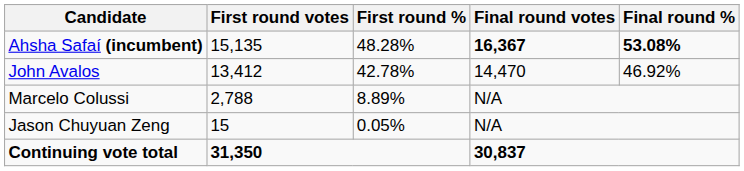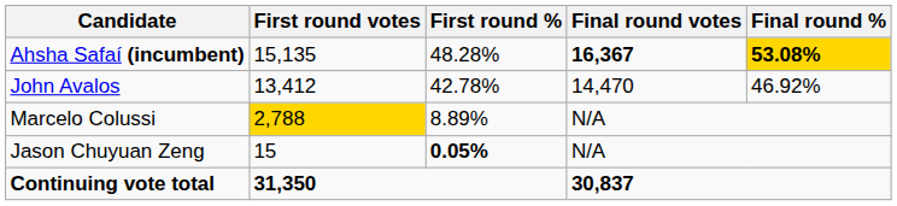 <table class="wikitable">
 <tr>
 <th>Candidate</th>
 <th>First round votes</th>
 <th>First round %</th>
 <th>Final round votes</th>
 <th>Final round %</th>
 </tr>
 <tr>
 <td><a href='#'>Ahsha Safaí</a> <strong>(incumbent)</strong></td>
 <td>15,135</td>
 <td>48.28%</td>
 <td><strong>16,367</strong></td>
-<td><strong>53.08%</strong></td>
+<td style="background: gold;"><strong>53.08%</strong></td>
 </tr>
 <tr>
 <td><a href='#'>John Avalos</a></td>
 <td>13,412</td>
 <td>42.78%</td>
 <td>14,470</td>
 <td>46.92%</td>
 </tr>
 <tr>
 <td>Marcelo Colussi</td>
-<td>2,788</td>
+<td style="background: gold;">2,788</td>
 <td>8.89%</td>
 <td colspan="2">N/A</td>
 </tr>
 <tr>
 <td>Jason Chuyuan Zeng</td>
 <td>15</td>
-<td>0.05%</td>
+<td><strong>0.05%</strong></td>
 <td colspan="2">N/A</td>
 </tr>
 <tr>
 <td><strong>Continuing vote total</strong></td>
 <td colspan="2"><strong>31,350</strong></td>
 <td colspan="2"><strong>30,837</strong></td>
 </tr>
 </table>
